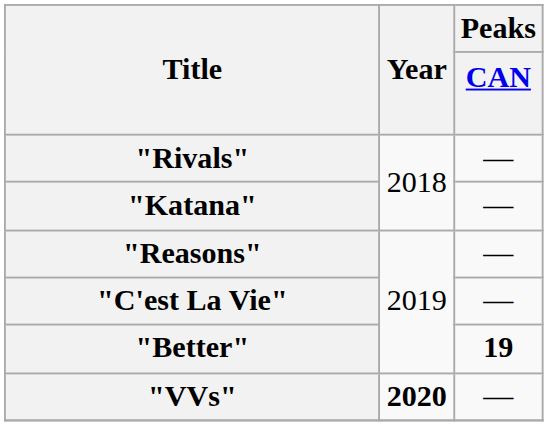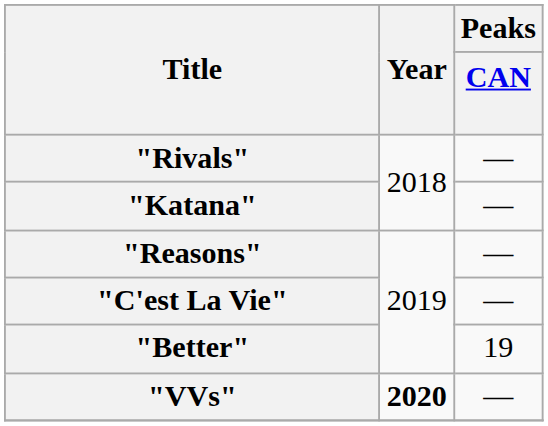 <table class="wikitable plainrowheaders" style="text-align:center;">
 <tr>
 <th scope="col" rowspan="2" style="width:12em;">Title</th>
 <th scope="col" rowspan="2" style="width:1em;">Year</th>
 <th scope="col">Peaks</th>
 </tr>
 <tr>
 <th style="width:2.5em; font-size:100%"><a href='#'>CAN<br></a><br></th>
 </tr>
 <tr>
 <th scope="row">"Rivals"<br></th>
 <td rowspan="2">2018</td>
 <td>—</td>
 </tr>
 <tr>
 <th scope="row">"Katana"<br></th>
 <td>—</td>
 </tr>
 <tr>
 <th scope="row">"Reasons"<br></th>
 <td rowspan="3">2019</td>
 <td>—</td>
 </tr>
 <tr>
 <th scope="row">"C'est La Vie"<br></th>
 <td>—</td>
 </tr>
 <tr>
 <th scope="row">"Better"<br></th>
-<td><strong>19</strong></td>
+<td>19</td>
 </tr>
 <tr>
 <th scope="row">"VVs"<br></th>
 <td><strong>2020</strong></td>
 <td>—</td>
 </tr>
 <tr>
 </tr>
 </table>
